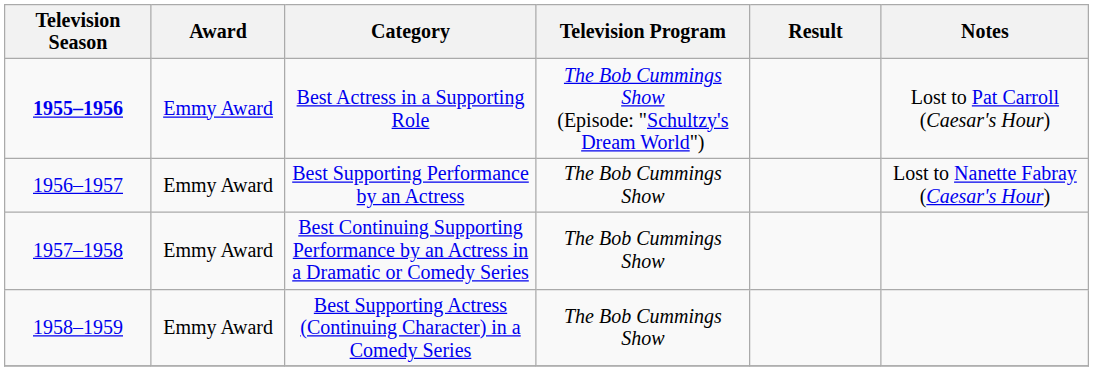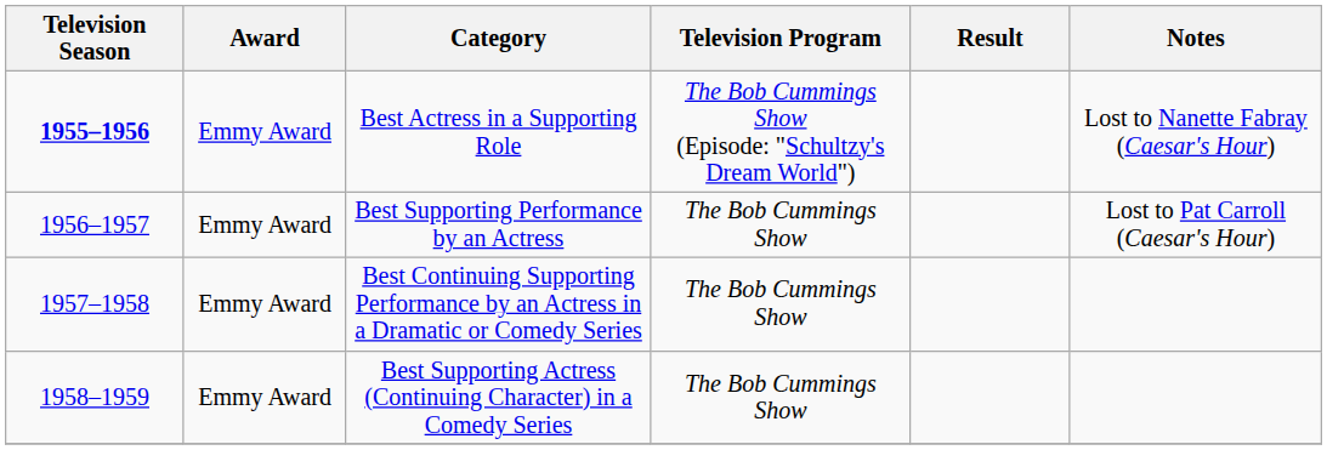 <table class="wikitable sortable" style="text-align: center">
 <tr>
 <th width="150">Television Season</th>
 <th width="150">Award</th>
 <th width="300">Category</th>
 <th width="250">Television Program</th>
 <th width="150">Result</th>
 <th width="250">Notes</th>
 </tr>
 <tr>
 <td><strong><a href='#'>1955–1956</a></strong></td>
 <td><a href='#'>Emmy Award</a></td>
 <td><a href='#'>Best Actress in a Supporting Role</a></td>
 <td><em><a href='#'>The Bob Cummings Show</a></em><br>(Episode: "<a href='#'>Schultzy's Dream World</a>")</td>
 <td></td>
-<td>Lost to <a href='#'>Pat Carroll</a> (<em>Caesar's Hour</em>)</td>
+<td>Lost to <a href='#'>Nanette Fabray</a> (<em><a href='#'>Caesar's Hour</a></em>)</td>
 </tr>
 <tr>
 <td><a href='#'>1956–1957</a></td>
 <td>Emmy Award</td>
 <td><a href='#'>Best Supporting Performance by an Actress</a></td>
 <td><em>The Bob Cummings Show</em></td>
 <td></td>
-<td>Lost to <a href='#'>Nanette Fabray</a> (<em><a href='#'>Caesar's Hour</a></em>)</td>
+<td>Lost to <a href='#'>Pat Carroll</a> (<em>Caesar's Hour</em>)</td>
 </tr>
 <tr>
 <td><a href='#'>1957–1958</a></td>
 <td>Emmy Award</td>
 <td><a href='#'>Best Continuing Supporting Performance by an Actress  in a Dramatic or Comedy Series</a></td>
 <td><em>The Bob Cummings Show</em></td>
 <td></td>
 <td></td>
 </tr>
 <tr>
 <td><a href='#'>1958–1959</a></td>
 <td>Emmy Award</td>
 <td><a href='#'>Best Supporting Actress (Continuing Character) in a Comedy Series</a></td>
 <td><em>The Bob Cummings Show</em></td>
 <td></td>
 <td></td>
 </tr>
 <tr>
 </tr>
 </table>
